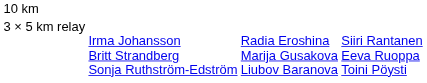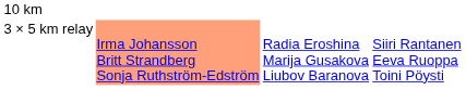 <table>
 <tr valign="top">
 <td>10 km<br></td>
 <td></td>
 <td></td>
 <td></td>
 </tr>
 <tr valign="top">
 <td>3 × 5 km relay<br></td>
-<td><br><a href='#'>Irma Johansson</a><br><a href='#'>Britt Strandberg</a><br><a href='#'>Sonja Ruthström-Edström</a></td>
+<td style="background: lightsalmon;"><br><a href='#'>Irma Johansson</a><br><a href='#'>Britt Strandberg</a><br><a href='#'>Sonja Ruthström-Edström</a></td>
 <td><br><a href='#'>Radia Eroshina</a><br><a href='#'>Marija Gusakova</a><br><a href='#'>Liubov Baranova</a></td>
 <td><br><a href='#'>Siiri Rantanen</a><br><a href='#'>Eeva Ruoppa</a><br><a href='#'>Toini Pöysti</a></td>
 </tr>
 </table>
